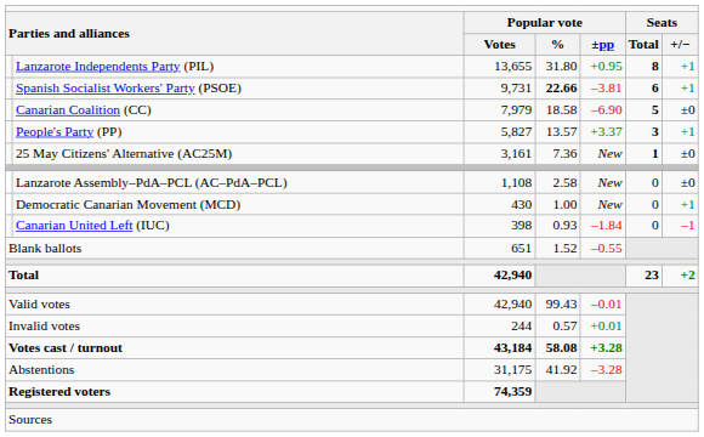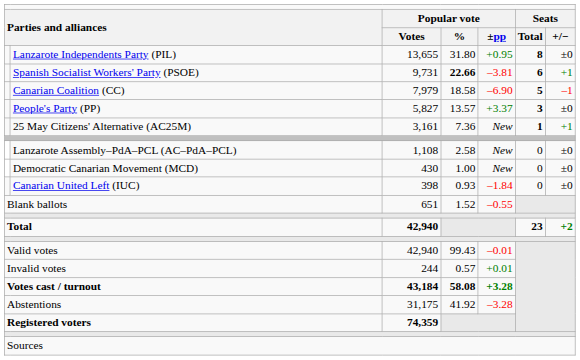 <table class="wikitable" style="text-align:right;">
 <tr>
 <td colspan="7"></td>
 </tr>
 <tr>
 <th style="text-align:left;" rowspan="2" colspan="2" width="525">Parties and alliances</th>
 <th colspan="3">Popular vote</th>
 <th colspan="2">Seats</th>
 </tr>
 <tr>
 <th width="75">Votes</th>
 <th width="45">%</th>
 <th width="45">±<a href='#'>pp</a></th>
 <th width="35">Total</th>
 <th width="35">+/−</th>
 </tr>
 <tr>
 <td width="1" style="color:inherit;background:"></td>
 <td align="left"><a href='#'>Lanzarote Independents Party</a> (PIL)</td>
 <td>13,655</td>
 <td>31.80</td>
 <td style="color:green;">+0.95</td>
 <td><strong>8</strong></td>
-<td style="color:green;">+1</td>
+<td>±0</td>
 </tr>
 <tr>
 <td style="color:inherit;background:"></td>
 <td align="left"><a href='#'>Spanish Socialist Workers' Party</a> (PSOE)</td>
 <td>9,731</td>
 <td><strong>22.66</strong></td>
 <td style="color:red;">–3.81</td>
 <td><strong>6</strong></td>
 <td style="color:green;">+1</td>
 </tr>
 <tr>
 <td style="color:inherit;background:"></td>
 <td align="left"><a href='#'>Canarian Coalition</a> (CC)</td>
 <td>7,979</td>
 <td>18.58</td>
 <td style="color:red;">–6.90</td>
 <td><strong>5</strong></td>
-<td>±0</td>
+<td style="color:red;">–1</td>
 </tr>
 <tr>
 <td style="color:inherit;background:"></td>
 <td align="left"><a href='#'>People's Party</a> (PP)</td>
 <td>5,827</td>
 <td>13.57</td>
 <td style="color:green;">+3.37</td>
 <td><strong>3</strong></td>
-<td style="color:green;">+1</td>
+<td>±0</td>
 </tr>
 <tr>
 <td style="color:inherit;background:"></td>
 <td align="left">25 May Citizens' Alternative (AC25M)</td>
 <td>3,161</td>
 <td>7.36</td>
 <td><em>New</em></td>
 <td><strong>1</strong></td>
-<td>±0</td>
+<td style="color:green;">+1</td>
 </tr>
 <tr>
 <td colspan="7" bgcolor="#C0C0C0"></td>
 </tr>
 <tr>
 <td bgcolor="white"></td>
 <td align="left">Lanzarote Assembly–PdA–PCL (AC–PdA–PCL)</td>
 <td>1,108</td>
 <td>2.58</td>
 <td><em>New</em></td>
 <td>0</td>
 <td>±0</td>
 </tr>
 <tr>
 <td bgcolor="white"></td>
 <td align="left">Democratic Canarian Movement (MCD)</td>
 <td>430</td>
 <td>1.00</td>
 <td><em>New</em></td>
 <td>0</td>
-<td style="color:green;">+1</td>
+<td>±0</td>
 </tr>
 <tr>
 <td style="color:inherit;background:"></td>
 <td align="left"><a href='#'>Canarian United Left</a> (IUC)</td>
 <td>398</td>
 <td>0.93</td>
 <td style="color:red;">–1.84</td>
 <td>0</td>
-<td style="color:red;">–1</td>
+<td>±0</td>
 </tr>
 <tr>
 <td align="left" colspan="2">Blank ballots</td>
 <td>651</td>
 <td>1.52</td>
 <td style="color:red;">–0.55</td>
 <td bgcolor="#E9E9E9" colspan="2"></td>
 </tr>
 <tr>
 <td colspan="7" bgcolor="#E9E9E9"></td>
 </tr>
 <tr style="font-weight:bold;">
 <td align="left" colspan="2">Total</td>
 <td>42,940</td>
 <td bgcolor="#E9E9E9" colspan="2"></td>
 <td>23</td>
 <td style="color:green;">+2</td>
 </tr>
 <tr>
 <td colspan="7" bgcolor="#E9E9E9"></td>
 </tr>
 <tr>
 <td align="left" colspan="2">Valid votes</td>
 <td>42,940</td>
 <td>99.43</td>
 <td style="color:red;">–0.01</td>
 <td bgcolor="#E9E9E9" colspan="2" rowspan="5"></td>
 </tr>
 <tr>
 <td align="left" colspan="2">Invalid votes</td>
 <td>244</td>
 <td>0.57</td>
 <td style="color:green;">+0.01</td>
 </tr>
 <tr style="font-weight:bold;">
 <td align="left" colspan="2">Votes cast / turnout</td>
 <td>43,184</td>
 <td>58.08</td>
 <td style="color:green;">+3.28</td>
 </tr>
 <tr>
 <td align="left" colspan="2">Abstentions</td>
 <td>31,175</td>
 <td>41.92</td>
 <td style="color:red;">–3.28</td>
 </tr>
 <tr style="font-weight:bold;">
 <td align="left" colspan="2">Registered voters</td>
 <td>74,359</td>
 <td bgcolor="#E9E9E9" colspan="2"></td>
 </tr>
 <tr>
 <td colspan="7" bgcolor="#E9E9E9"></td>
 </tr>
 <tr>
 <td align="left" colspan="7">Sources</td>
 </tr>
 </table>
